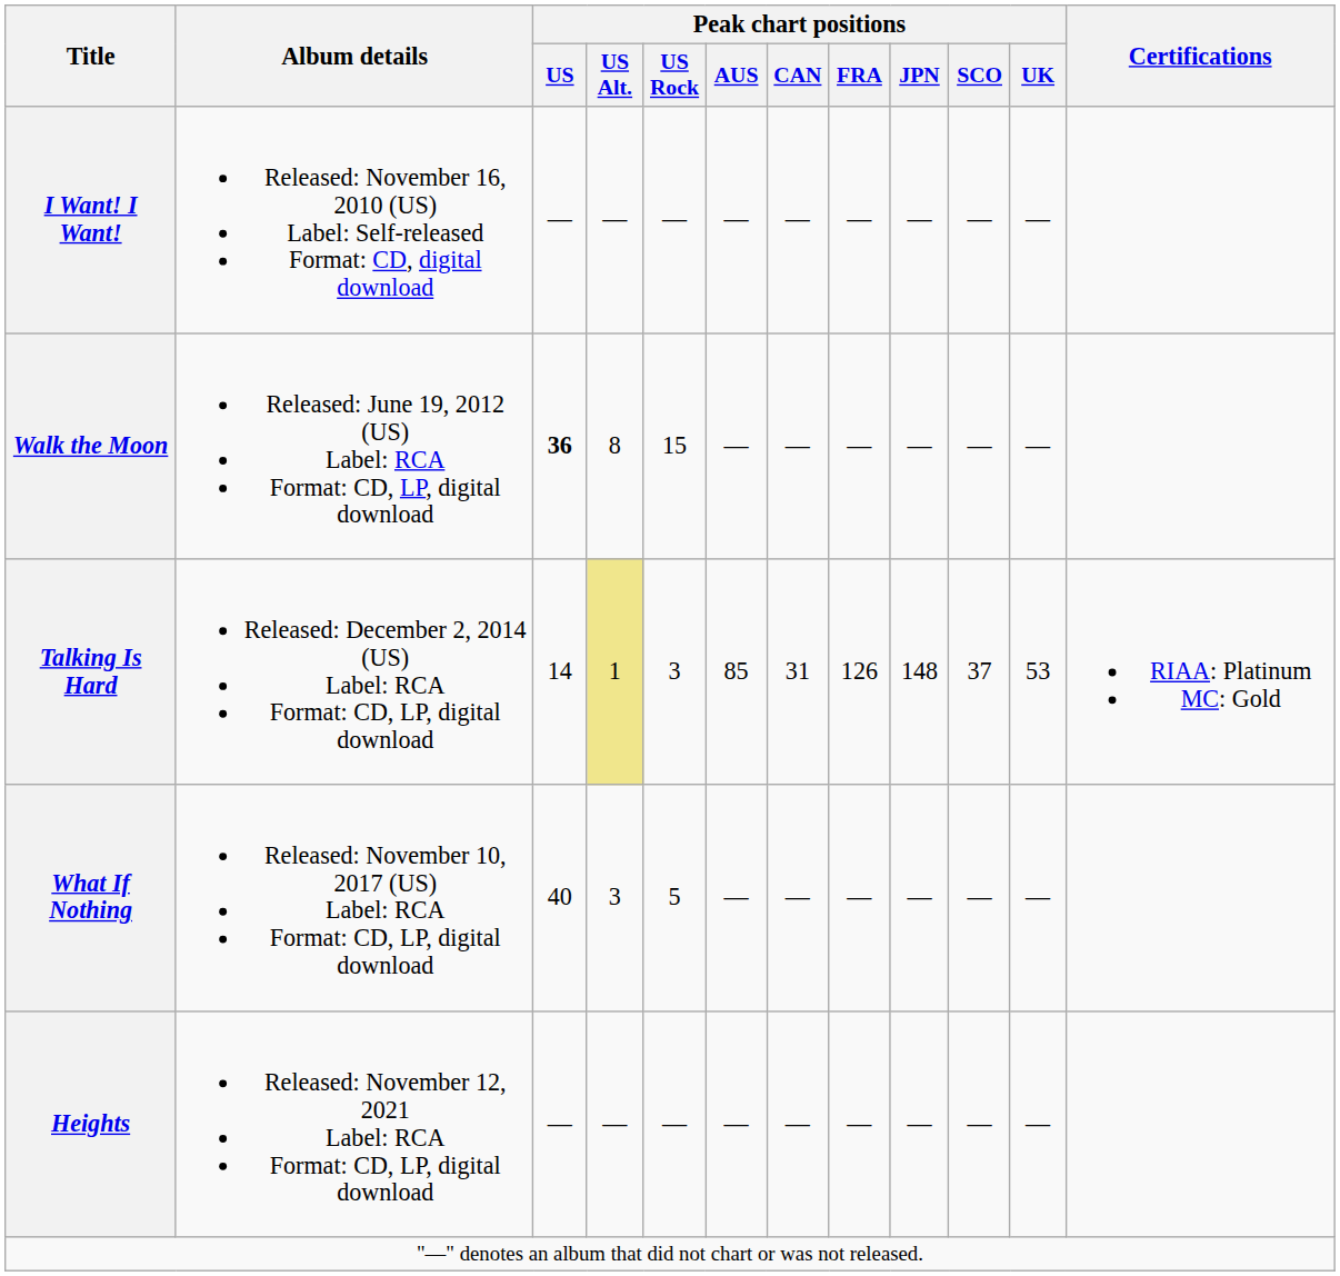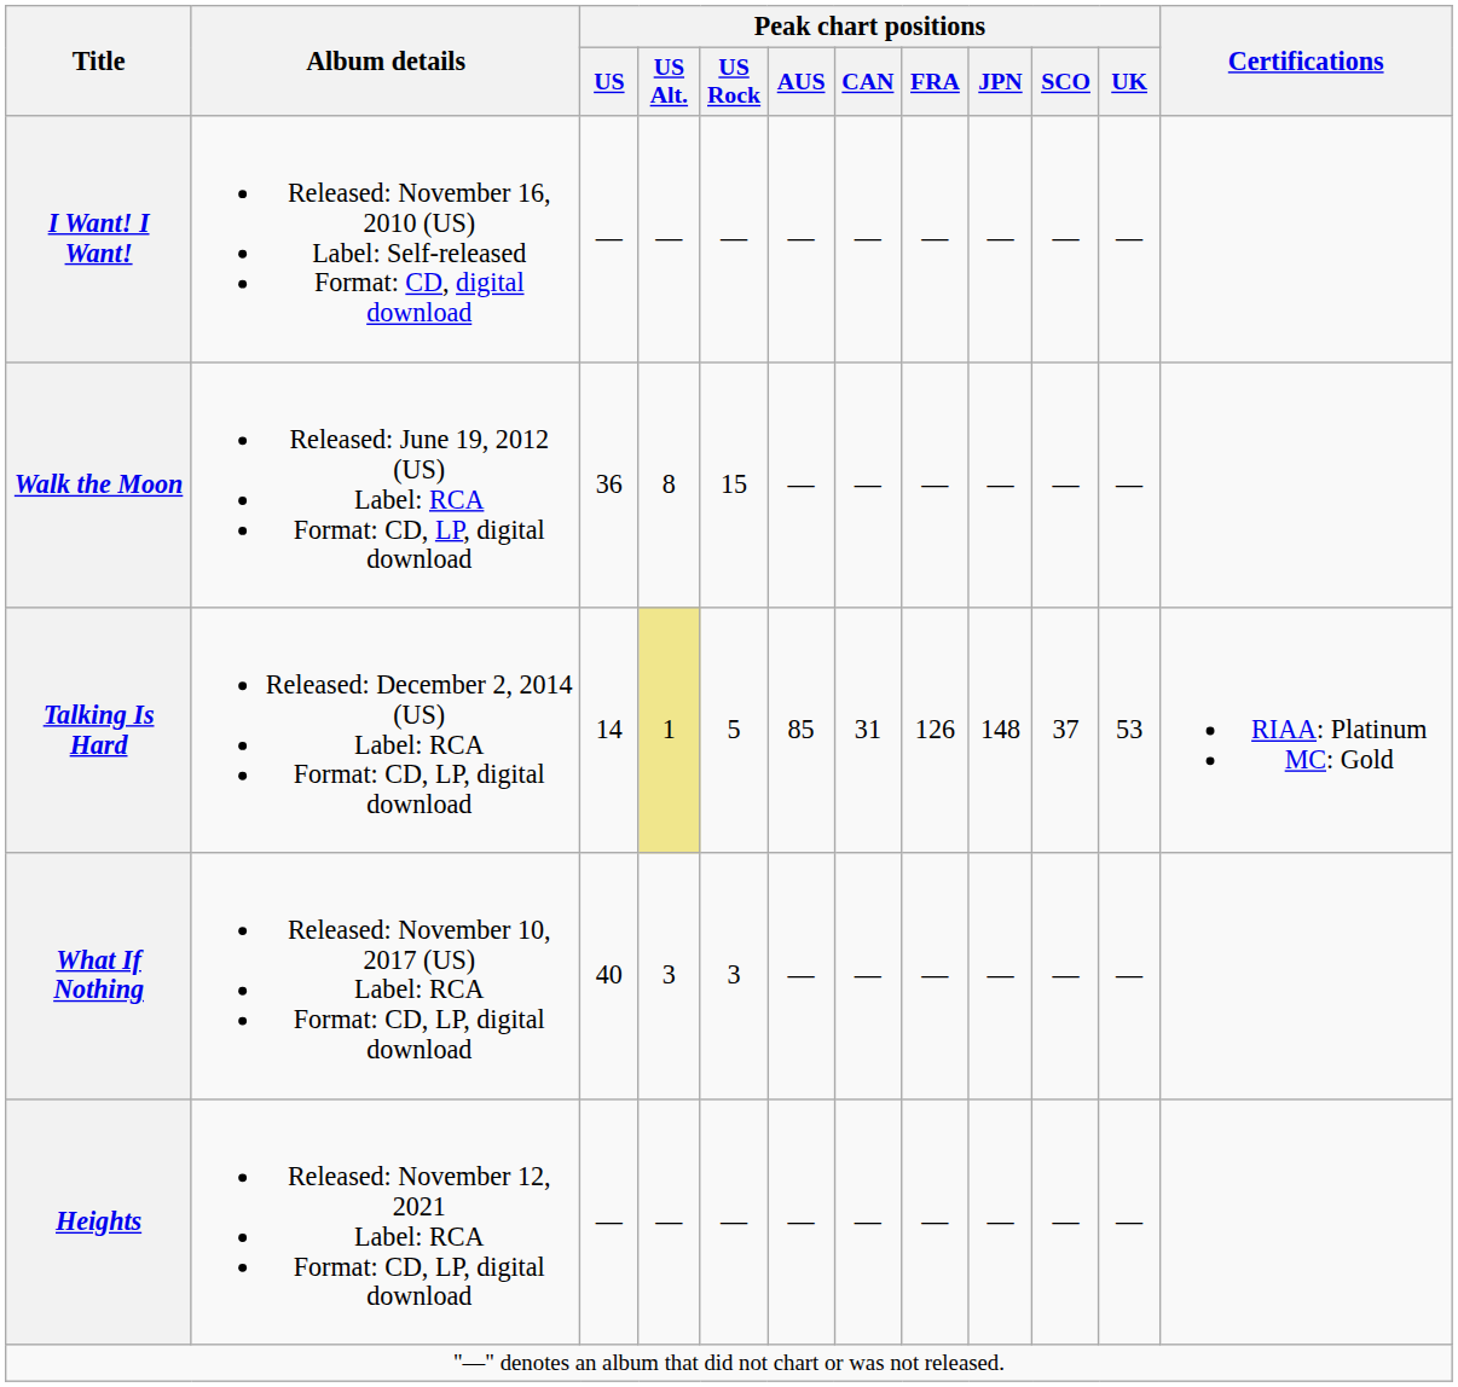 <table class="wikitable plainrowheaders" style="text-align:center;">
 <tr>
 <th scope="col" rowspan="2" style="width:9em;">Title</th>
 <th scope="col" rowspan="2" style="width:20em;">Album details</th>
 <th scope="col" colspan="9">Peak chart positions</th>
 <th scope="col" rowspan="2" style="width:14em;"><a href='#'>Certifications</a></th>
 </tr>
 <tr>
 <th scope="col" style="width:2.5em;font-size:90%;"><a href='#'>US</a><br></th>
 <th scope="col" style="width:2.5em;font-size:90%;"><a href='#'>US Alt.</a><br></th>
 <th scope="col" style="width:2.5em;font-size:90%;"><a href='#'>US Rock</a><br></th>
 <th scope="col" style="width:2.5em;font-size:90%;"><a href='#'>AUS</a><br></th>
 <th scope="col" style="width:2.5em;font-size:90%;"><a href='#'>CAN</a><br></th>
 <th scope="col" style="width:2.5em;font-size:90%;"><a href='#'>FRA</a><br></th>
 <th scope="col" style="width:2.5em;font-size:90%;"><a href='#'>JPN</a><br></th>
 <th scope="col" style="width:2.5em;font-size:90%;"><a href='#'>SCO</a><br></th>
 <th scope="col" style="width:2.5em;font-size:90%;"><a href='#'>UK</a><br></th>
 </tr>
 <tr>
 <th scope="row"><em><a href='#'>I Want! I Want!</a></em></th>
 <td><br><ul><li>Released: November 16, 2010 <span>(US)</span></li><li>Label: Self-released</li><li>Format: <a href='#'>CD</a>, <a href='#'>digital download</a></li></ul></td>
 <td>—</td>
 <td>—</td>
 <td>—</td>
 <td>—</td>
 <td>—</td>
 <td>—</td>
 <td>—</td>
 <td>—</td>
 <td>—</td>
 <td></td>
 </tr>
 <tr>
 <th scope="row"><em><a href='#'>Walk the Moon</a></em></th>
 <td><br><ul><li>Released: June 19, 2012 <span>(US)</span></li><li>Label: <a href='#'>RCA</a></li><li>Format: CD, <a href='#'>LP</a>, digital download</li></ul></td>
-<td><strong>36</strong></td>
+<td>36</td>
 <td>8</td>
 <td>15</td>
 <td>—</td>
 <td>—</td>
 <td>—</td>
 <td>—</td>
 <td>—</td>
 <td>—</td>
 <td></td>
 </tr>
 <tr>
 <th scope="row"><em><a href='#'>Talking Is Hard</a></em></th>
 <td><br><ul><li>Released: December 2, 2014 <span>(US)</span></li><li>Label: RCA</li><li>Format: CD, LP, digital download</li></ul></td>
 <td>14</td>
 <td style="background: khaki;">1</td>
-<td>3</td>
+<td>5</td>
 <td>85</td>
 <td>31</td>
 <td>126</td>
 <td>148</td>
 <td>37</td>
 <td>53</td>
 <td><br><ul><li><a href='#'>RIAA</a>: Platinum</li><li><a href='#'>MC</a>: Gold</li></ul></td>
 </tr>
 <tr>
 <th scope="row"><em><a href='#'>What If Nothing</a></em></th>
 <td><br><ul><li>Released: November 10, 2017 <span>(US)</span></li><li>Label: RCA</li><li>Format: CD, LP, digital download</li></ul></td>
 <td>40</td>
 <td>3</td>
-<td>5</td>
+<td>3</td>
 <td>—</td>
 <td>—</td>
 <td>—</td>
 <td>—</td>
 <td>—</td>
 <td>—</td>
 <td></td>
 </tr>
 <tr>
 <th scope="row"><em><a href='#'>Heights</a></em></th>
 <td><br><ul><li>Released: November 12, 2021</li><li>Label: RCA</li><li>Format: CD, LP, digital download</li></ul></td>
 <td>—</td>
 <td>—</td>
 <td>—</td>
 <td>—</td>
 <td>—</td>
 <td>—</td>
 <td>—</td>
 <td>—</td>
 <td>—</td>
 <td></td>
 </tr>
 <tr>
 <td colspan="20" style="text-align:center; font-size:85%;">"—" denotes an album that did not chart or was not released.</td>
 </tr>
 </table>
